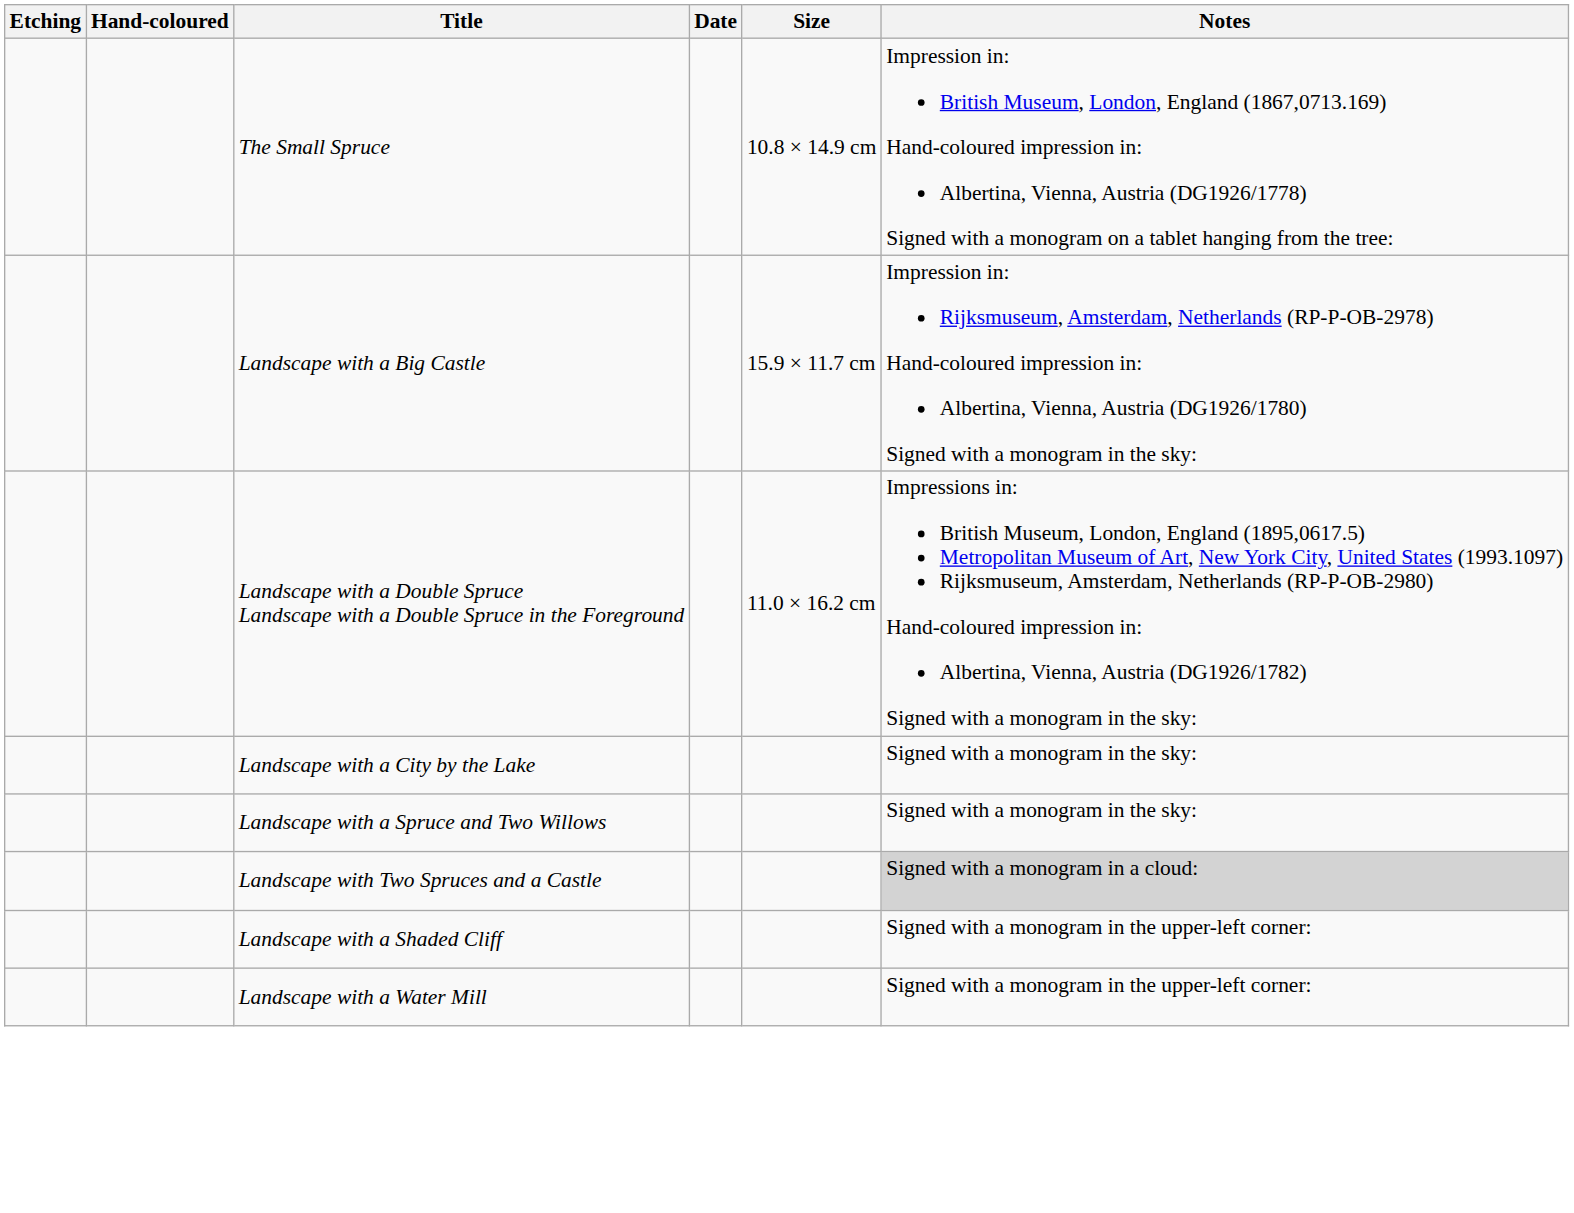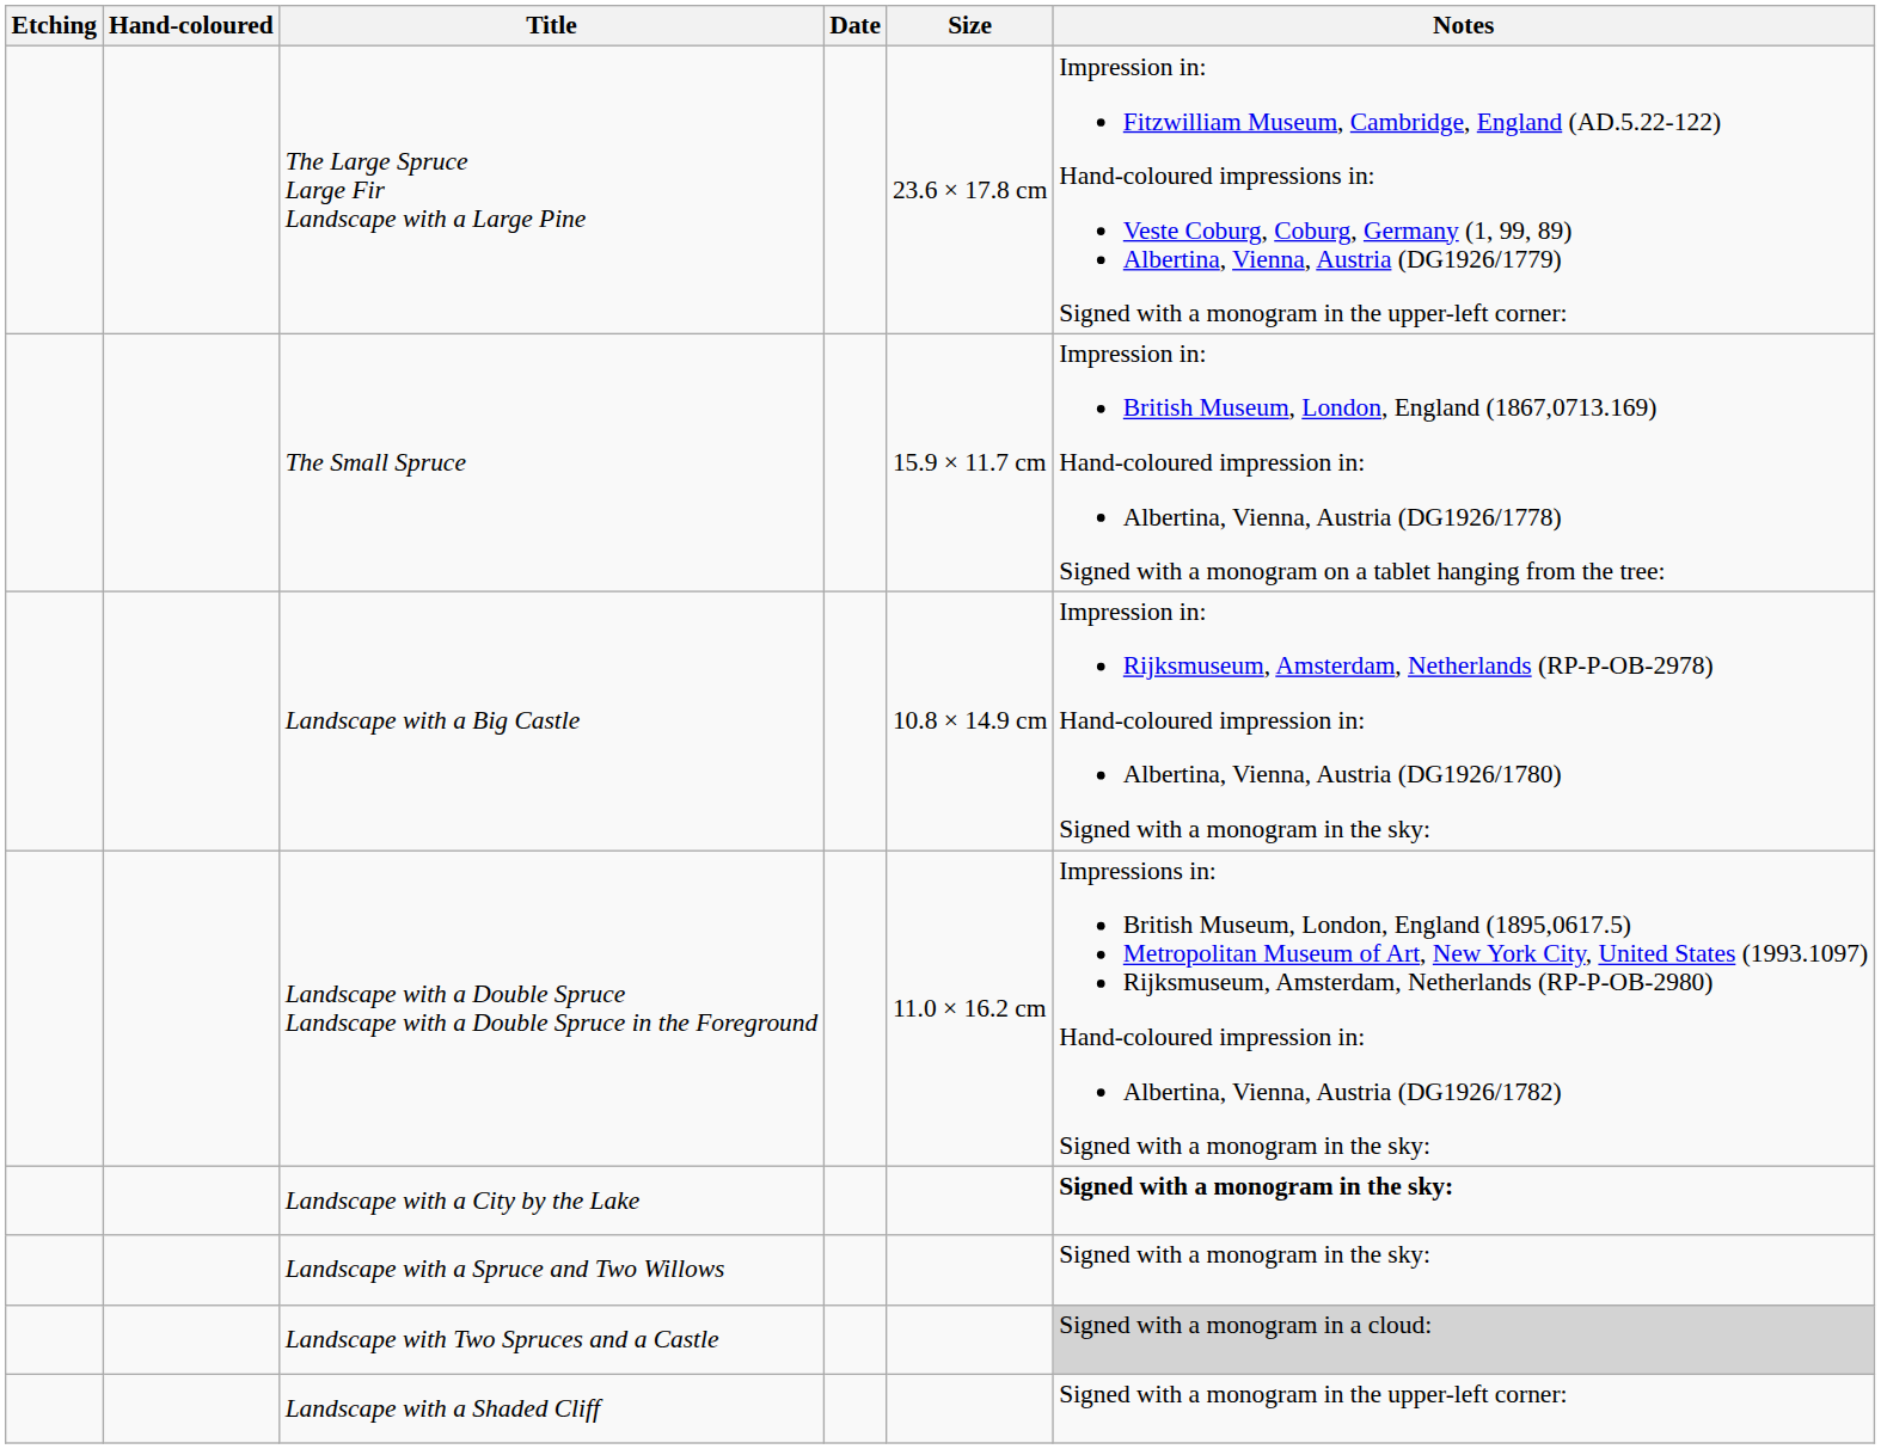 <table class="wikitable" border="1">
 <tr>
 <th>Etching</th>
 <th>Hand-coloured</th>
 <th>Title</th>
 <th>Date</th>
 <th>Size</th>
 <th>Notes</th>
 </tr>
 <tr>
 <td></td>
+<td><br><br></td>
+<td><em>The Large Spruce</em><br><em>Large Fir</em><br> <em>Landscape with a Large Pine</em></td>
+<td><br></td>
+<td>23.6 × 17.8 cm</td>
+<td>Impression in:<br><ul><li><a href='#'>Fitzwilliam Museum</a>, <a href='#'>Cambridge</a>, <a href='#'>England</a> (AD.5.22-122)</li></ul>Hand-coloured impressions in:<ul><li><a href='#'>Veste Coburg</a>, <a href='#'>Coburg</a>, <a href='#'>Germany</a> (1, 99, 89)</li><li><a href='#'>Albertina</a>, <a href='#'>Vienna</a>, <a href='#'>Austria</a> (DG1926/1779)</li></ul>Signed with a monogram in the upper-left corner:<br> </td>
+</tr>
+<tr>
+<td></td>
 <td></td>
 <td><em>The Small Spruce</em></td>
 <td></td>
-<td>10.8 × 14.9 cm</td>
+<td>15.9 × 11.7 cm</td>
 <td>Impression in:<br><ul><li><a href='#'>British Museum</a>, <a href='#'>London</a>, England (1867,0713.169)</li></ul>Hand-coloured impression in:<ul><li>Albertina, Vienna, Austria (DG1926/1778)</li></ul>Signed with a monogram on a tablet hanging from the tree:<br> </td>
 </tr>
 <tr>
 <td></td>
 <td></td>
 <td><em>Landscape with a Big Castle</em></td>
 <td><br></td>
-<td>15.9 × 11.7 cm</td>
+<td>10.8 × 14.9 cm</td>
 <td>Impression in:<br><ul><li><a href='#'>Rijksmuseum</a>, <a href='#'>Amsterdam</a>, <a href='#'>Netherlands</a> (RP-P-OB-2978)</li></ul>Hand-coloured impression in:<ul><li>Albertina, Vienna, Austria (DG1926/1780)</li></ul>Signed with a monogram in the sky:<br> </td>
 </tr>
 <tr>
 <td></td>
 <td></td>
 <td><em>Landscape with a Double Spruce</em><br><em>Landscape with a Double Spruce in the Foreground</em></td>
 <td><br> </td>
 <td>11.0 × 16.2 cm</td>
 <td>Impressions in:<br><ul><li>British Museum, London, England (1895,0617.5)</li><li><a href='#'>Metropolitan Museum of Art</a>, <a href='#'>New York City</a>, <a href='#'>United States</a> (1993.1097)</li><li>Rijksmuseum, Amsterdam, Netherlands (RP-P-OB-2980)</li></ul>Hand-coloured impression in:<ul><li>Albertina, Vienna, Austria (DG1926/1782)</li></ul>Signed with a monogram in the sky:<br> </td>
 </tr>
 <tr>
 <td></td>
 <td></td>
 <td><em>Landscape with a City by the Lake</em></td>
 <td></td>
 <td></td>
-<td>Signed with a monogram in the sky:<br><br></td>
+<td><strong>Signed with a monogram in the sky:<br><br></strong></td>
 </tr>
 <tr>
 <td></td>
 <td></td>
 <td><em>Landscape with a Spruce and Two Willows</em></td>
 <td></td>
 <td></td>
 <td>Signed with a monogram in the sky:<br><br></td>
 </tr>
 <tr>
 <td></td>
 <td></td>
 <td><em>Landscape with Two Spruces and a Castle</em></td>
 <td></td>
 <td></td>
 <td style="background: lightgrey;">Signed with a monogram in a cloud:<br><br></td>
 </tr>
 <tr>
 <td></td>
 <td><br><br></td>
 <td><em>Landscape with a Shaded Cliff</em></td>
 <td></td>
 <td></td>
 <td>Signed with a monogram in the upper-left corner:<br><br></td>
 </tr>
-<tr>
-<td></td>
-<td></td>
-<td><em>Landscape with a Water Mill</em></td>
-<td></td>
-<td></td>
-<td>Signed with a monogram in the upper-left corner:<br><br></td>
-</tr>
 </table>
